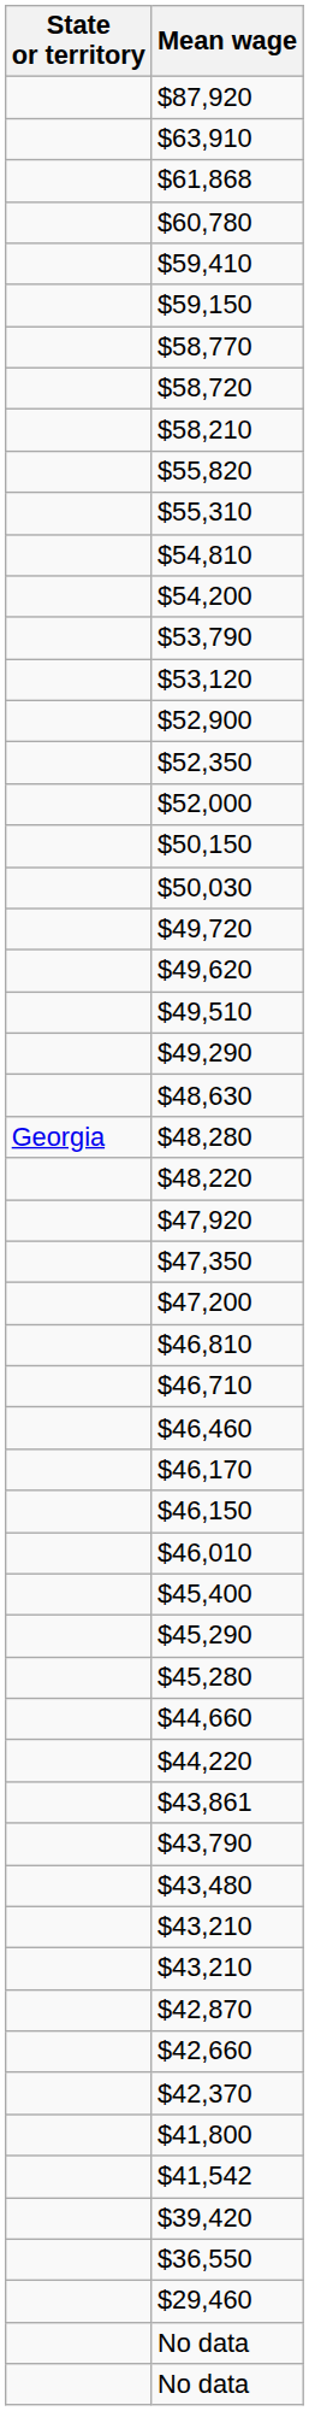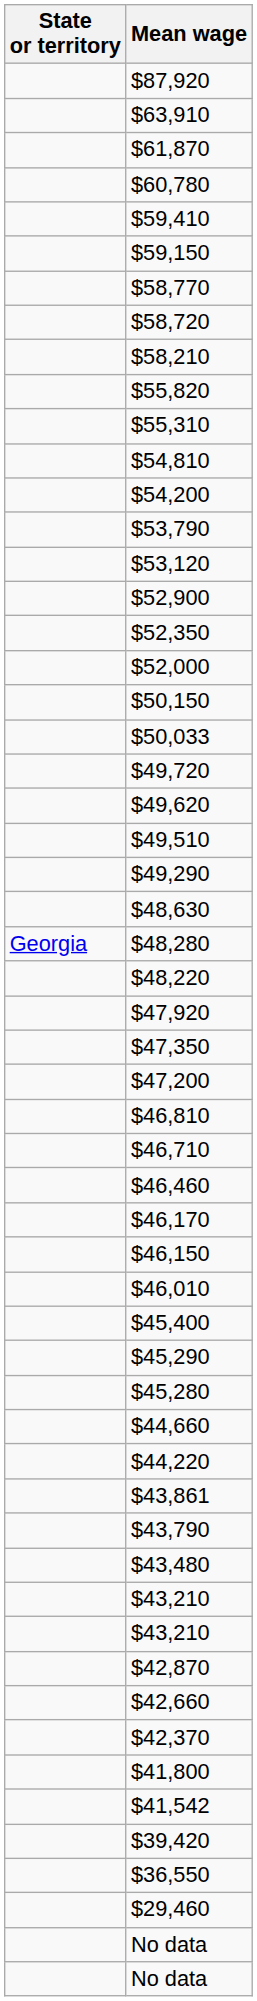 <table class="wikitable sortable static-row-numbers mw-datatable sticky-table-head">
 <tr>
 <th>State<br>or territory</th>
 <th>Mean wage</th>
 </tr>
 <tr>
 <td></td>
 <td>$87,920</td>
 </tr>
 <tr>
 <td></td>
 <td>$63,910</td>
 </tr>
 <tr>
 <td></td>
-<td>$61,868</td>
+<td>$61,870</td>
 </tr>
 <tr>
 <td></td>
 <td>$60,780</td>
 </tr>
 <tr>
 <td></td>
 <td>$59,410</td>
 </tr>
 <tr>
 <td></td>
 <td>$59,150</td>
 </tr>
 <tr>
 <td></td>
 <td>$58,770</td>
 </tr>
 <tr>
 <td></td>
 <td>$58,720</td>
 </tr>
 <tr>
 <td></td>
 <td>$58,210</td>
 </tr>
 <tr>
 <td></td>
 <td>$55,820</td>
 </tr>
 <tr>
 <td></td>
 <td>$55,310</td>
 </tr>
 <tr>
 <td></td>
 <td>$54,810</td>
 </tr>
 <tr>
 <td></td>
 <td>$54,200</td>
 </tr>
 <tr>
 <td></td>
 <td>$53,790</td>
 </tr>
 <tr>
 <td></td>
 <td>$53,120</td>
 </tr>
 <tr>
 <td></td>
 <td>$52,900</td>
 </tr>
 <tr>
 <td></td>
 <td>$52,350</td>
 </tr>
 <tr>
 <td></td>
 <td>$52,000</td>
 </tr>
 <tr>
 <td></td>
 <td>$50,150</td>
 </tr>
 <tr>
 <td></td>
-<td>$50,030</td>
+<td>$50,033</td>
 </tr>
 <tr>
 <td></td>
 <td>$49,720</td>
 </tr>
 <tr>
 <td></td>
 <td>$49,620</td>
 </tr>
 <tr>
 <td></td>
 <td>$49,510</td>
 </tr>
 <tr>
 <td></td>
 <td>$49,290</td>
 </tr>
 <tr>
 <td></td>
 <td>$48,630</td>
 </tr>
 <tr>
 <td> <a href='#'>Georgia</a></td>
 <td>$48,280</td>
 </tr>
 <tr>
 <td></td>
 <td>$48,220</td>
 </tr>
 <tr>
 <td></td>
 <td>$47,920</td>
 </tr>
 <tr>
 <td></td>
 <td>$47,350</td>
 </tr>
 <tr>
 <td></td>
 <td>$47,200</td>
 </tr>
 <tr>
 <td></td>
 <td>$46,810</td>
 </tr>
 <tr>
 <td></td>
 <td>$46,710</td>
 </tr>
 <tr>
 <td></td>
 <td>$46,460</td>
 </tr>
 <tr>
 <td></td>
 <td>$46,170</td>
 </tr>
 <tr>
 <td></td>
 <td>$46,150</td>
 </tr>
 <tr>
 <td></td>
 <td>$46,010</td>
 </tr>
 <tr>
 <td></td>
 <td>$45,400</td>
 </tr>
 <tr>
 <td></td>
 <td>$45,290</td>
 </tr>
 <tr>
 <td></td>
 <td>$45,280</td>
 </tr>
 <tr>
 <td></td>
 <td>$44,660</td>
 </tr>
 <tr>
 <td></td>
 <td>$44,220</td>
 </tr>
 <tr>
 <td></td>
 <td>$43,861</td>
 </tr>
 <tr>
 <td></td>
 <td>$43,790</td>
 </tr>
 <tr>
 <td></td>
 <td>$43,480</td>
 </tr>
 <tr>
 <td></td>
 <td>$43,210</td>
 </tr>
 <tr>
 <td></td>
 <td>$43,210</td>
 </tr>
 <tr>
 <td></td>
 <td>$42,870</td>
 </tr>
 <tr>
 <td></td>
 <td>$42,660</td>
 </tr>
 <tr>
 <td></td>
 <td>$42,370</td>
 </tr>
 <tr>
 <td></td>
 <td>$41,800</td>
 </tr>
 <tr>
 <td></td>
 <td>$41,542</td>
 </tr>
 <tr>
 <td></td>
 <td>$39,420</td>
 </tr>
 <tr>
 <td></td>
 <td>$36,550</td>
 </tr>
 <tr>
 <td></td>
 <td>$29,460</td>
 </tr>
 <tr class=static-row-numbers-norank>
 <td></td>
 <td>No data</td>
 </tr>
 <tr class=static-row-numbers-norank>
 <td></td>
 <td>No data</td>
 </tr>
 </table>
